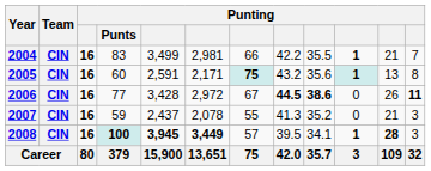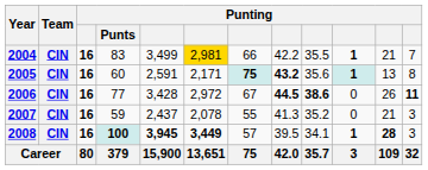 <table class=wikitable style="text-align:center;">
 <tr>
 <th rowspan="2">Year</th>
 <th rowspan="2">Team</th>
 <th colspan="10">Punting</th>
 </tr>
 <tr>
 <th></th>
 <th>Punts</th>
 <th></th>
 <th></th>
 <th></th>
 <th></th>
 <th></th>
 <th></th>
 <th></th>
 <th></th>
 </tr>
 <tr>
 <th><a href='#'>2004</a></th>
 <th><a href='#'>CIN</a></th>
 <td><strong>16</strong></td>
 <td>83</td>
 <td>3,499</td>
-<td>2,981</td>
+<td style="background: gold;">2,981</td>
 <td>66</td>
 <td>42.2</td>
 <td>35.5</td>
 <td><strong>1</strong></td>
 <td>21</td>
 <td>7</td>
 </tr>
 <tr>
 <th><a href='#'>2005</a></th>
 <th><a href='#'>CIN</a></th>
 <td><strong>16</strong></td>
 <td>60</td>
 <td>2,591</td>
 <td>2,171</td>
 <td style="background:#cfecec; width:3em;"><strong>75</strong></td>
-<td>43.2</td>
+<td><strong>43.2</strong></td>
 <td>35.6</td>
 <td style="background:#cfecec; width:3em;"><strong>1</strong></td>
 <td>13</td>
 <td>8</td>
 </tr>
 <tr>
 <th><a href='#'>2006</a></th>
 <th><a href='#'>CIN</a></th>
 <td><strong>16</strong></td>
 <td>77</td>
 <td>3,428</td>
 <td>2,972</td>
 <td>67</td>
 <td><strong>44.5</strong></td>
 <td><strong>38.6</strong></td>
 <td>0</td>
 <td>26</td>
 <td><strong>11</strong></td>
 </tr>
 <tr>
 <th><a href='#'>2007</a></th>
 <th><a href='#'>CIN</a></th>
 <td><strong>16</strong></td>
 <td>59</td>
 <td>2,437</td>
 <td>2,078</td>
 <td>55</td>
 <td>41.3</td>
 <td>35.2</td>
 <td>0</td>
 <td>21</td>
 <td>3</td>
 </tr>
 <tr>
 <th><a href='#'>2008</a></th>
 <th><a href='#'>CIN</a></th>
 <td><strong>16</strong></td>
 <td style="background:#cfecec; width:3em;"><strong>100</strong></td>
 <td><strong>3,945</strong></td>
 <td><strong>3,449</strong></td>
 <td>57</td>
 <td>39.5</td>
 <td>34.1</td>
 <td><strong>1</strong></td>
 <td><strong>28</strong></td>
 <td>3</td>
 </tr>
 <tr>
 <th colspan="2">Career</th>
 <th>80</th>
 <th>379</th>
 <th>15,900</th>
 <th>13,651</th>
 <th>75</th>
 <th>42.0</th>
 <th>35.7</th>
 <th>3</th>
 <th>109</th>
 <th>32</th>
 </tr>
 </table>
